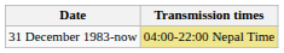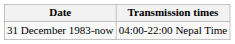 <table class="wikitable" style="text-align: center">
 <tr>
 <th>Date</th>
 <th>Transmission times</th>
 </tr>
 <tr>
 <td>31 December 1983-now</td>
-<td style="background: khaki;">04:00-22:00 Nepal Time</td>
+<td>04:00-22:00 Nepal Time</td>
 </tr>
 </table>
